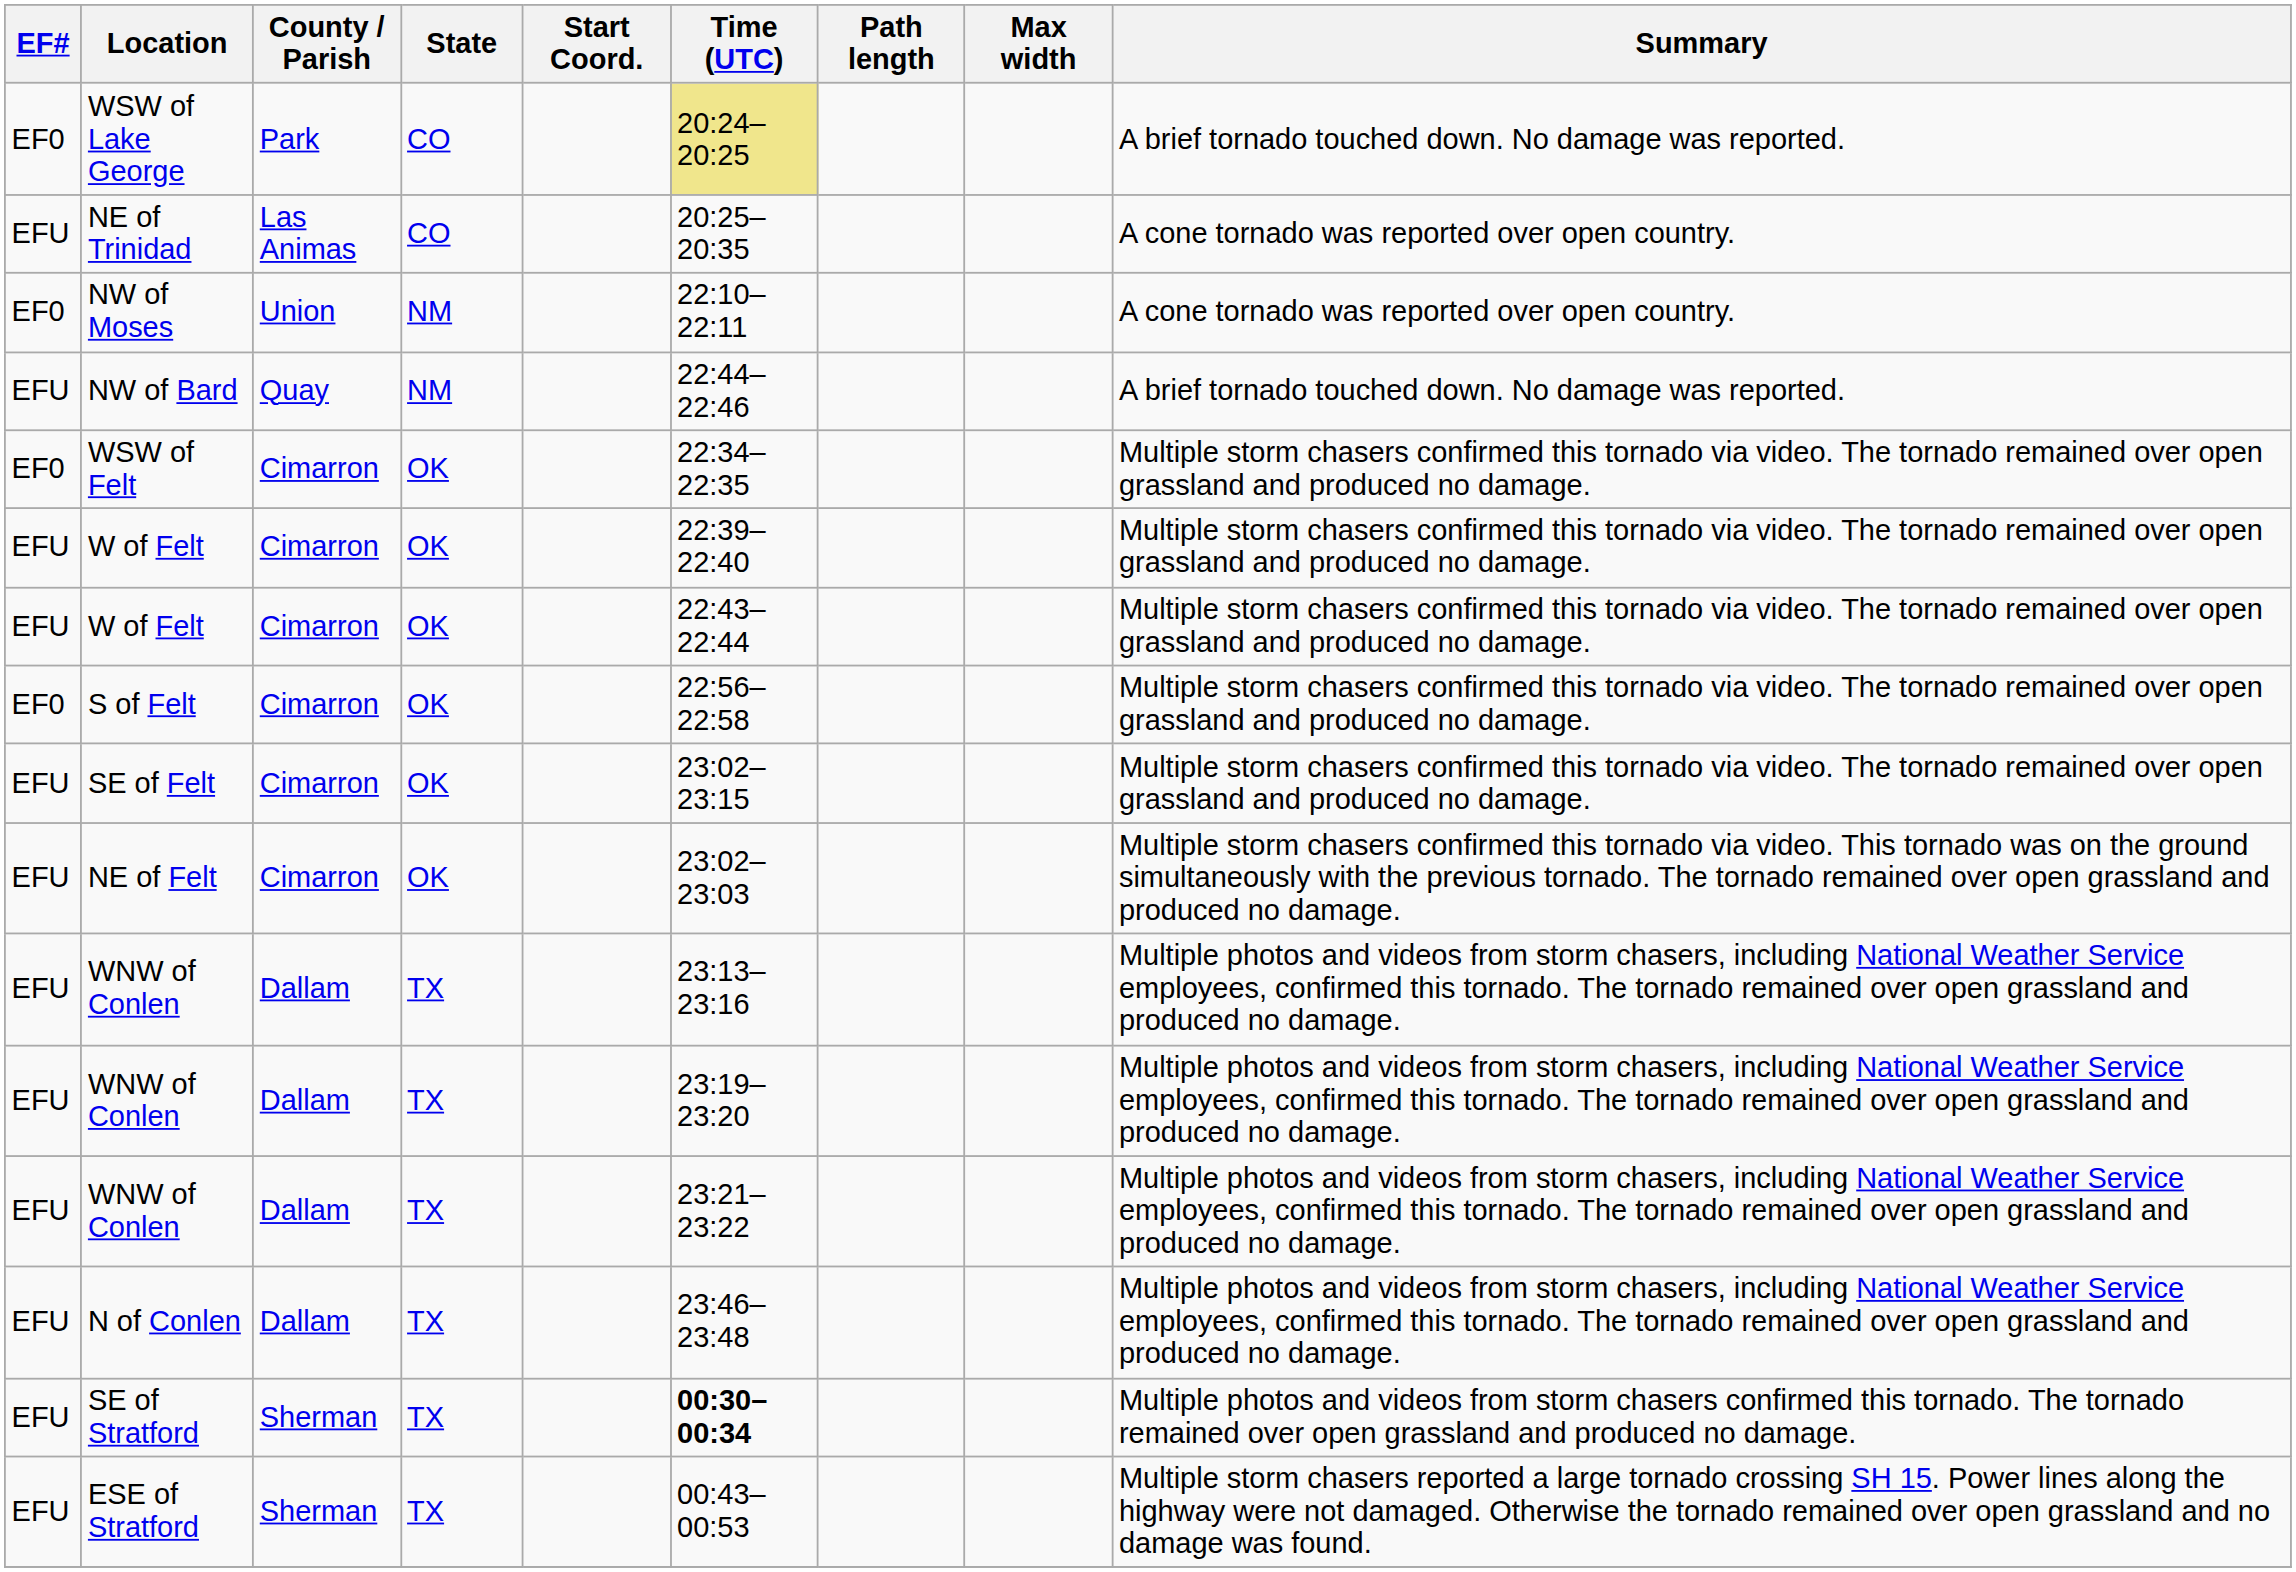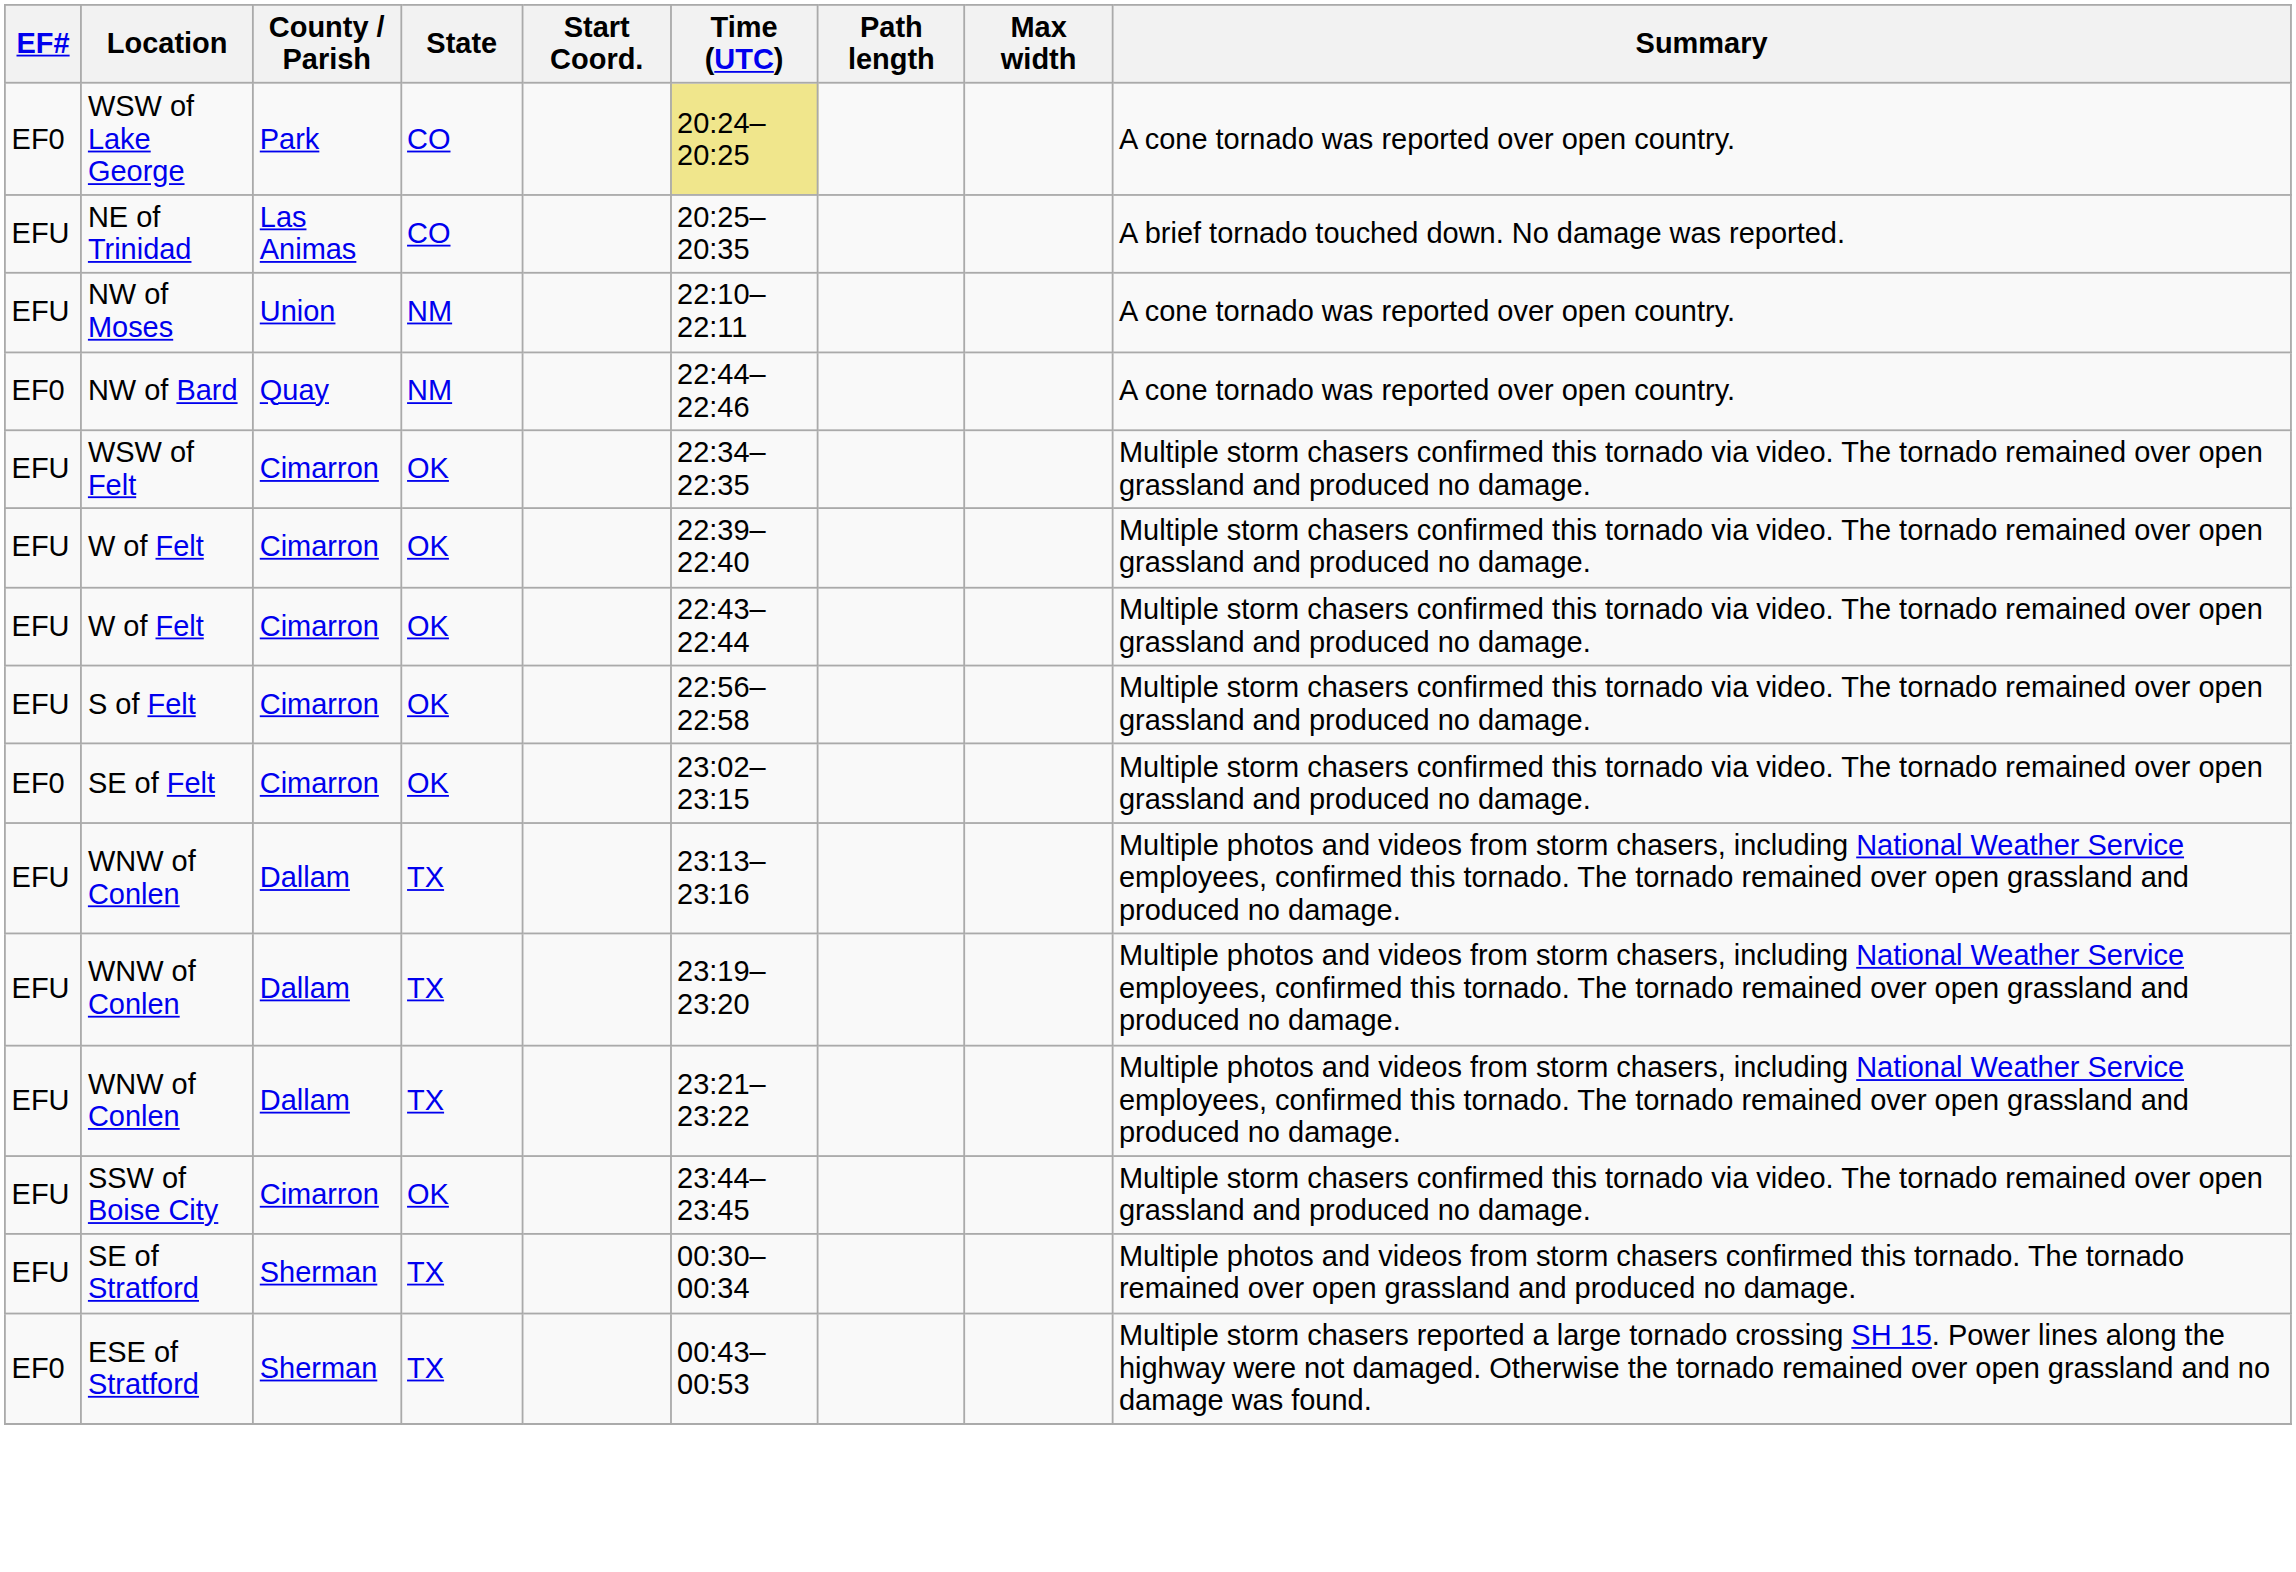 <table class="wikitable sortable" style="width:100%;">
 <tr>
 <th scope="col"  style="width:3%; text-align:center;"><a href='#'>EF#</a></th>
 <th scope="col"  style="width:7%; text-align:center;" class="unsortable">Location</th>
 <th scope="col"  style="width:6%; text-align:center;" class="unsortable">County / Parish</th>
 <th scope="col"  style="width:5%; text-align:center;">State</th>
 <th scope="col"  style="width:6%; text-align:center;">Start Coord.</th>
 <th scope="col"  style="width:6%; text-align:center;">Time (<a href='#'>UTC</a>)</th>
 <th scope="col"  style="width:6%; text-align:center;">Path length</th>
 <th scope="col"  style="width:6%; text-align:center;">Max width</th>
 <th scope="col" class="unsortable" style="width:48%; text-align:center;">Summary</th>
 </tr>
 <tr>
 <td>EF0</td>
 <td>WSW of <a href='#'>Lake George</a></td>
 <td><a href='#'>Park</a></td>
 <td><a href='#'>CO</a></td>
 <td></td>
 <td style="background: khaki;">20:24–20:25</td>
 <td></td>
 <td></td>
-<td>A brief tornado touched down. No damage was reported.</td>
+<td>A cone tornado was reported over open country.</td>
 </tr>
 <tr>
 <td>EFU</td>
 <td>NE of <a href='#'>Trinidad</a></td>
 <td><a href='#'>Las Animas</a></td>
 <td><a href='#'>CO</a></td>
 <td></td>
 <td>20:25–20:35</td>
 <td></td>
 <td></td>
-<td>A cone tornado was reported over open country.</td>
+<td>A brief tornado touched down. No damage was reported.</td>
 </tr>
 <tr>
-<td>EF0</td>
+<td>EFU</td>
 <td>NW of <a href='#'>Moses</a></td>
 <td><a href='#'>Union</a></td>
 <td><a href='#'>NM</a></td>
 <td></td>
 <td>22:10–22:11</td>
 <td></td>
 <td></td>
 <td>A cone tornado was reported over open country.</td>
 </tr>
 <tr>
-<td>EFU</td>
+<td>EF0</td>
 <td>NW of <a href='#'>Bard</a></td>
 <td><a href='#'>Quay</a></td>
 <td><a href='#'>NM</a></td>
 <td></td>
 <td>22:44–22:46</td>
 <td></td>
 <td></td>
-<td>A brief tornado touched down. No damage was reported.</td>
+<td>A cone tornado was reported over open country.</td>
 </tr>
 <tr>
-<td>EF0</td>
+<td>EFU</td>
 <td>WSW of <a href='#'>Felt</a></td>
 <td><a href='#'>Cimarron</a></td>
 <td><a href='#'>OK</a></td>
 <td></td>
 <td>22:34–22:35</td>
 <td></td>
 <td></td>
 <td>Multiple storm chasers confirmed this tornado via video. The tornado remained over open grassland and produced no damage.</td>
 </tr>
 <tr>
 <td>EFU</td>
 <td>W of <a href='#'>Felt</a></td>
 <td><a href='#'>Cimarron</a></td>
 <td><a href='#'>OK</a></td>
 <td></td>
 <td>22:39–22:40</td>
 <td></td>
 <td></td>
 <td>Multiple storm chasers confirmed this tornado via video. The tornado remained over open grassland and produced no damage.</td>
 </tr>
 <tr>
 <td>EFU</td>
 <td>W of <a href='#'>Felt</a></td>
 <td><a href='#'>Cimarron</a></td>
 <td><a href='#'>OK</a></td>
 <td></td>
 <td>22:43–22:44</td>
 <td></td>
 <td></td>
 <td>Multiple storm chasers confirmed this tornado via video. The tornado remained over open grassland and produced no damage.</td>
 </tr>
 <tr>
-<td>EF0</td>
+<td>EFU</td>
 <td>S of <a href='#'>Felt</a></td>
 <td><a href='#'>Cimarron</a></td>
 <td><a href='#'>OK</a></td>
 <td></td>
 <td>22:56–22:58</td>
 <td></td>
 <td></td>
 <td>Multiple storm chasers confirmed this tornado via video. The tornado remained over open grassland and produced no damage.</td>
 </tr>
 <tr>
-<td>EFU</td>
+<td>EF0</td>
 <td>SE of <a href='#'>Felt</a></td>
 <td><a href='#'>Cimarron</a></td>
 <td><a href='#'>OK</a></td>
 <td></td>
 <td>23:02–23:15</td>
 <td></td>
 <td></td>
 <td>Multiple storm chasers confirmed this tornado via video. The tornado remained over open grassland and produced no damage.</td>
-</tr>
-<tr>
-<td>EFU</td>
-<td>NE of <a href='#'>Felt</a></td>
-<td><a href='#'>Cimarron</a></td>
-<td><a href='#'>OK</a></td>
-<td></td>
-<td>23:02–23:03</td>
-<td></td>
-<td></td>
-<td>Multiple storm chasers confirmed this tornado via video. This tornado was on the ground simultaneously with the previous tornado. The tornado remained over open grassland and produced no damage.</td>
 </tr>
 <tr>
 <td>EFU</td>
 <td>WNW of <a href='#'>Conlen</a></td>
 <td><a href='#'>Dallam</a></td>
 <td><a href='#'>TX</a></td>
 <td></td>
 <td>23:13–23:16</td>
 <td></td>
 <td></td>
 <td>Multiple photos and videos from storm chasers, including <a href='#'>National Weather Service</a> employees, confirmed this tornado. The tornado remained over open grassland and produced no damage.</td>
 </tr>
 <tr>
 <td>EFU</td>
 <td>WNW of <a href='#'>Conlen</a></td>
 <td><a href='#'>Dallam</a></td>
 <td><a href='#'>TX</a></td>
 <td></td>
 <td>23:19–23:20</td>
 <td></td>
 <td></td>
 <td>Multiple photos and videos from storm chasers, including <a href='#'>National Weather Service</a> employees, confirmed this tornado. The tornado remained over open grassland and produced no damage.</td>
 </tr>
 <tr>
 <td>EFU</td>
 <td>WNW of <a href='#'>Conlen</a></td>
 <td><a href='#'>Dallam</a></td>
 <td><a href='#'>TX</a></td>
 <td></td>
 <td>23:21–23:22</td>
 <td></td>
 <td></td>
 <td>Multiple photos and videos from storm chasers, including <a href='#'>National Weather Service</a> employees, confirmed this tornado. The tornado remained over open grassland and produced no damage.</td>
 </tr>
 <tr>
 <td>EFU</td>
-<td>N of <a href='#'>Conlen</a></td>
-<td><a href='#'>Dallam</a></td>
-<td><a href='#'>TX</a></td>
+<td>SSW of <a href='#'>Boise City</a></td>
+<td><a href='#'>Cimarron</a></td>
+<td><a href='#'>OK</a></td>
 <td></td>
-<td>23:46–23:48</td>
+<td>23:44–23:45</td>
 <td></td>
 <td></td>
-<td>Multiple photos and videos from storm chasers, including <a href='#'>National Weather Service</a> employees, confirmed this tornado. The tornado remained over open grassland and produced no damage.</td>
+<td>Multiple storm chasers confirmed this tornado via video. The tornado remained over open grassland and produced no damage.</td>
 </tr>
 <tr>
 <td>EFU</td>
 <td>SE of <a href='#'>Stratford</a></td>
 <td><a href='#'>Sherman</a></td>
 <td><a href='#'>TX</a></td>
 <td></td>
-<td><strong>00:30–00:34</strong></td>
+<td>00:30–00:34</td>
 <td></td>
 <td></td>
 <td>Multiple photos and videos from storm chasers confirmed this tornado. The tornado remained over open grassland and produced no damage.</td>
 </tr>
 <tr>
-<td>EFU</td>
+<td>EF0</td>
 <td>ESE of <a href='#'>Stratford</a></td>
 <td><a href='#'>Sherman</a></td>
 <td><a href='#'>TX</a></td>
 <td></td>
 <td>00:43–00:53</td>
 <td></td>
 <td></td>
 <td>Multiple storm chasers reported a large tornado crossing <a href='#'>SH 15</a>. Power lines along the highway were not damaged. Otherwise the tornado remained over open grassland and no damage was found.</td>
 </tr>
 <tr>
 </tr>
 </table>
